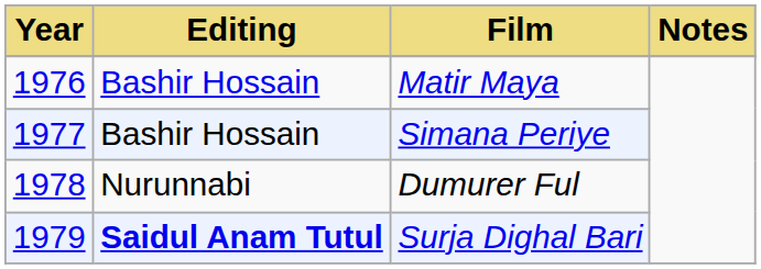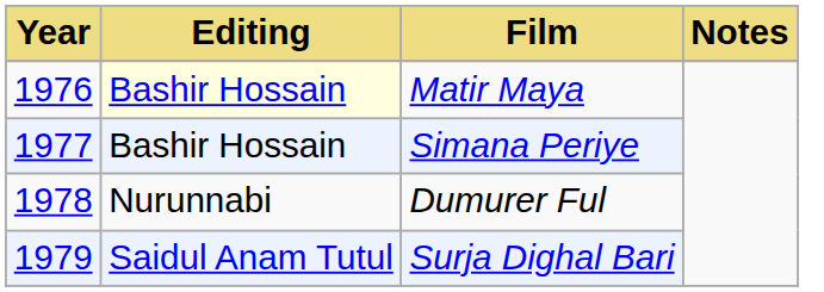 <table class="wikitable">
 <tr>
 <th style="background:#EEDD82;">Year</th>
 <th style="background:#EEDD82;">Editing</th>
 <th style="background:#EEDD82;">Film</th>
 <th style="background:#EEDD82;">Notes</th>
 </tr>
 <tr bgcolor=#edf3fe>
 </tr>
 <tr>
 <td><a href='#'>1976</a></td>
-<td><a href='#'>Bashir Hossain</a></td>
+<td style="background: lightyellow;"><a href='#'>Bashir Hossain</a></td>
 <td><em><a href='#'>Matir Maya</a></em></td>
 <td rowspan="4"></td>
 </tr>
 <tr bgcolor=#edf3fe>
 <td><a href='#'>1977</a></td>
 <td>Bashir Hossain</td>
 <td><em><a href='#'>Simana Periye</a></em></td>
 </tr>
 <tr>
 <td><a href='#'>1978</a></td>
 <td>Nurunnabi</td>
 <td><em>Dumurer Ful</em></td>
 </tr>
 <tr bgcolor=#edf3fe>
 <td><a href='#'>1979</a></td>
-<td><strong><a href='#'>Saidul Anam Tutul</a></strong></td>
+<td><a href='#'>Saidul Anam Tutul</a></td>
 <td><em><a href='#'>Surja Dighal Bari</a></em></td>
 </tr>
 </table>
